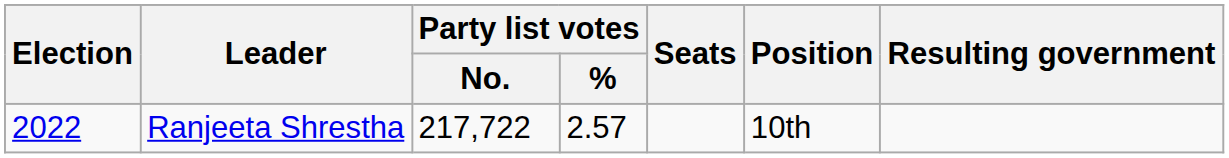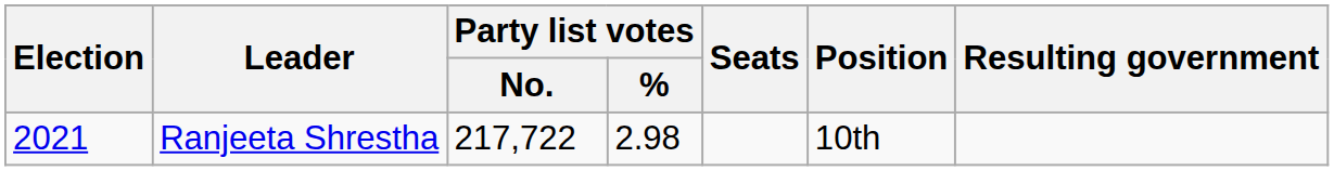 <table class="wikitable">
 <tr>
 <th rowspan="2" style="background:">Election</th>
 <th rowspan="2" style="background:">Leader</th>
 <th colspan="2" style="background:">Party list votes</th>
 <th rowspan="2" style="background:">Seats</th>
 <th rowspan="2" style="background:">Position</th>
 <th rowspan="2" style="background:">Resulting government</th>
 </tr>
 <tr>
 <th style="background:">No.</th>
 <th style="background:">%</th>
 </tr>
 <tr>
-<td><a href='#'>2022</a></td>
+<td><a href='#'>2021</a></td>
 <td><a href='#'>Ranjeeta Shrestha</a></td>
 <td>217,722</td>
-<td>2.57</td>
+<td>2.98</td>
 <td></td>
 <td>10th</td>
 <td></td>
 </tr>
 </table>
